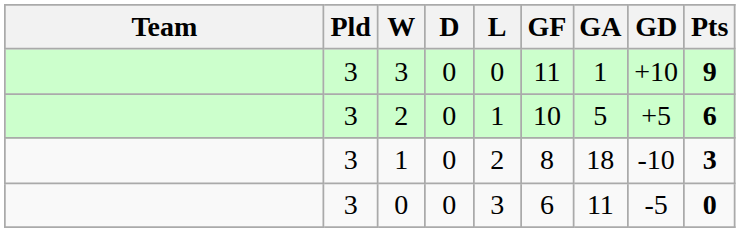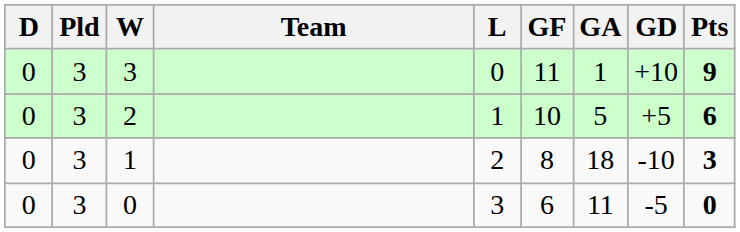 <table class="wikitable" style="text-align: center;">
 <tr>
-<th width="175">Team</th>
+<th width="20">D</th>
 <th width="20">Pld</th>
 <th width="20">W</th>
-<th width="20">D</th>
+<th width="175">Team</th>
 <th width="20">L</th>
 <th width="20">GF</th>
 <th width="20">GA</th>
 <th width="20">GD</th>
 <th width="20">Pts</th>
 </tr>
 <tr bgcolor="#ccffcc">
-<td style="text-align:left;"></td>
+<td>0</td>
 <td>3</td>
 <td>3</td>
-<td>0</td>
+<td style="text-align:left;"></td>
 <td>0</td>
 <td>11</td>
 <td>1</td>
 <td>+10</td>
 <td><strong>9</strong></td>
 </tr>
 <tr align=center bgcolor="ccffcc">
-<td style="text-align:left;"></td>
+<td>0</td>
 <td>3</td>
 <td>2</td>
-<td>0</td>
+<td style="text-align:left;"></td>
 <td>1</td>
 <td>10</td>
 <td>5</td>
 <td>+5</td>
 <td><strong>6</strong></td>
 </tr>
 <tr align=center>
-<td style="text-align:left;"></td>
+<td>0</td>
 <td>3</td>
 <td>1</td>
-<td>0</td>
+<td style="text-align:left;"></td>
 <td>2</td>
 <td>8</td>
 <td>18</td>
 <td>-10</td>
 <td><strong>3</strong></td>
 </tr>
 <tr align=center>
-<td style="text-align:left;"><strong></strong></td>
+<td>0</td>
 <td>3</td>
 <td>0</td>
-<td>0</td>
+<td style="text-align:left;"><strong></strong></td>
 <td>3</td>
 <td>6</td>
 <td>11</td>
 <td>-5</td>
 <td><strong>0</strong></td>
 </tr>
 </table>
